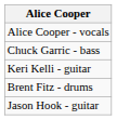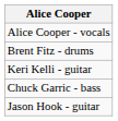 <table class="wikitable">
 <tr>
 <th>Alice Cooper</th>
 </tr>
 <tr>
 <td>Alice Cooper - vocals</td>
 </tr>
 <tr>
-<td>Chuck Garric - bass</td>
+<td>Brent Fitz - drums</td>
 </tr>
 <tr>
 <td>Keri Kelli - guitar</td>
 </tr>
 <tr>
-<td>Brent Fitz - drums</td>
+<td>Chuck Garric - bass</td>
 </tr>
 <tr>
 <td>Jason Hook - guitar</td>
 </tr>
 </table>
